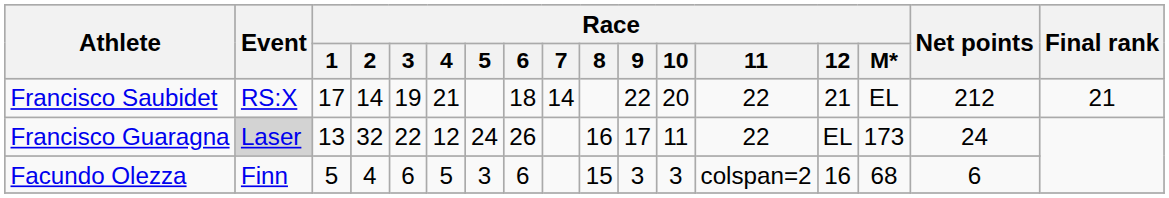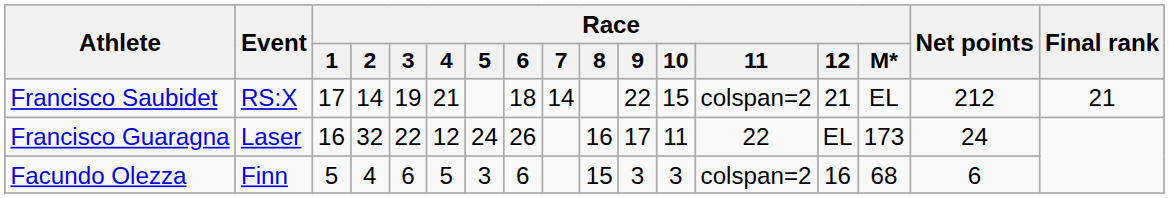 <table class="wikitable" style="font-size:90%">
 <tr>
 <th rowspan="2">Athlete</th>
 <th rowspan="2">Event</th>
 <th colspan=13>Race</th>
 <th rowspan=2>Net points</th>
 <th rowspan=2>Final rank</th>
 </tr>
 <tr style="font-size:95%">
 <th>1</th>
 <th>2</th>
 <th>3</th>
 <th>4</th>
 <th>5</th>
 <th>6</th>
 <th>7</th>
 <th>8</th>
 <th>9</th>
 <th>10</th>
 <th>11</th>
 <th>12</th>
 <th>M*</th>
 </tr>
 <tr align=center>
 <td align=left><a href='#'>Francisco Saubidet</a></td>
 <td align=left><a href='#'>RS:X</a></td>
 <td>17</td>
 <td>14</td>
 <td>19</td>
 <td>21</td>
 <td></td>
 <td>18</td>
 <td>14</td>
 <td></td>
 <td>22</td>
-<td>20</td>
-<td>22</td>
+<td>15</td>
+<td>colspan=2 </td>
 <td>21</td>
 <td>EL</td>
 <td>212</td>
 <td>21</td>
 </tr>
 <tr align=center>
 <td align=left><a href='#'>Francisco Guaragna</a></td>
-<td align=left style="background: lightgrey;"><a href='#'>Laser</a></td>
-<td>13</td>
+<td align=left><a href='#'>Laser</a></td>
+<td>16</td>
 <td>32</td>
 <td>22</td>
 <td>12</td>
 <td>24</td>
 <td>26</td>
 <td></td>
 <td>16</td>
 <td>17</td>
 <td>11</td>
 <td>22</td>
 <td>EL</td>
 <td>173</td>
 <td>24</td>
 </tr>
 <tr align=center>
 <td align=left><a href='#'>Facundo Olezza</a></td>
 <td align=left><a href='#'>Finn</a></td>
 <td>5</td>
 <td>4</td>
 <td>6</td>
 <td>5</td>
 <td>3</td>
 <td>6</td>
 <td></td>
 <td>15</td>
 <td>3</td>
 <td>3</td>
 <td>colspan=2 </td>
 <td>16</td>
 <td>68</td>
 <td>6</td>
 </tr>
 </table>
